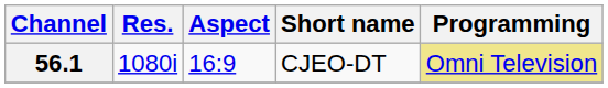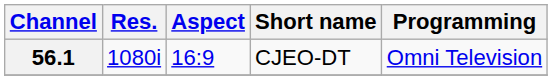 <table class="wikitable">
 <tr>
 <th><a href='#'>Channel</a></th>
 <th><a href='#'>Res.</a></th>
 <th><a href='#'>Aspect</a></th>
 <th>Short name</th>
 <th>Programming</th>
 </tr>
 <tr>
 <th scope = "row">56.1</th>
 <td><a href='#'>1080i</a></td>
 <td><a href='#'>16:9</a></td>
 <td>CJEO-DT</td>
-<td style="background: khaki;"><a href='#'>Omni Television</a></td>
+<td><a href='#'>Omni Television</a></td>
 </tr>
 <tr>
 </tr>
 </table>
